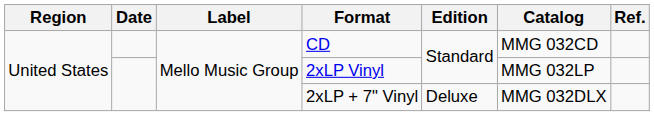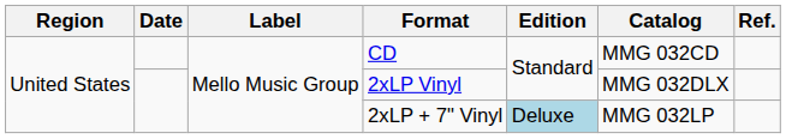 <table class="wikitable">
 <tr>
 <th>Region</th>
 <th>Date</th>
 <th>Label</th>
 <th>Format</th>
 <th>Edition</th>
 <th>Catalog</th>
 <th>Ref.</th>
 </tr>
 <tr>
 <td rowspan="3">United States</td>
 <td></td>
 <td rowspan="3">Mello Music Group</td>
 <td><a href='#'>CD</a></td>
 <td rowspan="2">Standard</td>
 <td>MMG 032CD</td>
 <td align="center"></td>
 </tr>
 <tr>
 <td rowspan="2"></td>
 <td><a href='#'>2xLP Vinyl</a></td>
-<td>MMG 032LP</td>
+<td>MMG 032DLX</td>
 <td align="center"></td>
 </tr>
 <tr>
 <td>2xLP + 7" Vinyl</td>
-<td>Deluxe</td>
-<td>MMG 032DLX</td>
+<td style="background: lightblue;">Deluxe</td>
+<td>MMG 032LP</td>
 <td align="center"></td>
 </tr>
 </table>
